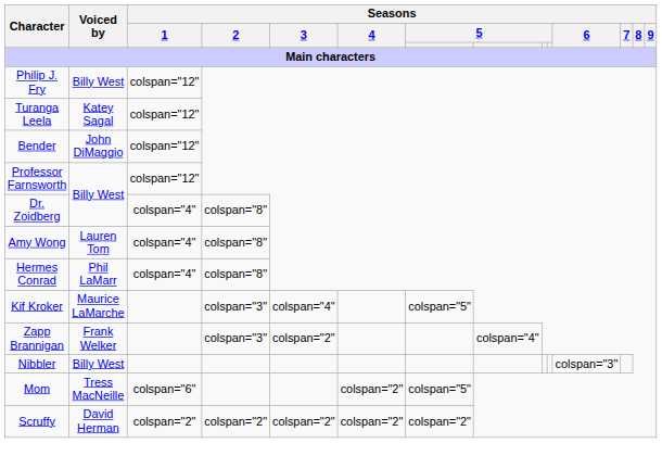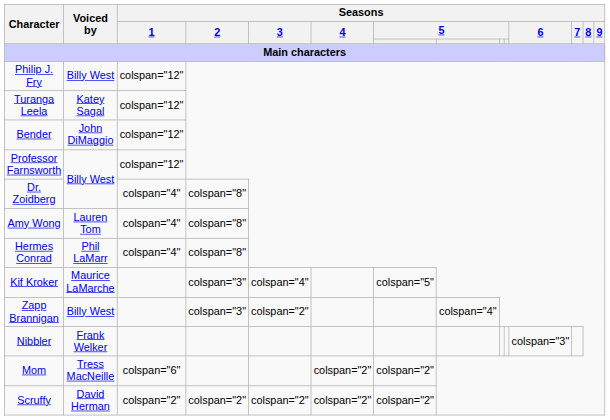 <table class="wikitable plainrowheaders" style="text-align:center; width:99%">
 <tr>
 <th scope="col" rowspan="3" style="width:17%">Character</th>
 <th scope="col" rowspan="3" style="width:17%">Voiced by</th>
 <th scope="col" colspan="12">Seasons</th>
 </tr>
 <tr>
 <th rowspan="2" style="width:6%"><a href='#'>1</a></th>
 <th rowspan="2" style="width:6%"><a href='#'>2</a></th>
 <th rowspan="2" style="width:6%"><a href='#'>3</a></th>
 <th rowspan="2" style="width:6%"><a href='#'>4</a></th>
 <th colspan="4"><a href='#'>5</a></th>
 <th rowspan="2" style="width:6%"><a href='#'>6</a></th>
 <th rowspan="2" style="width:6%"><a href='#'>7</a></th>
 <th rowspan="2" style="width:6%"><a href='#'>8</a></th>
 <th rowspan="2" style="width:6%"><a href='#'>9</a></th>
 </tr>
 <tr>
 <th style="width:6%"><a href='#'><em></em></a></th>
 <th style="width:6%"><a href='#'><em></em></a></th>
 <th style="width:6%"><a href='#'><em></em></a></th>
 <th style="width:6%"><a href='#'><em></em></a></th>
 </tr>
 <tr>
 <th colspan="14" style="background:#ccf;">Main characters</th>
 </tr>
 <tr>
 <td scope="row"><a href='#'>Philip J. Fry</a></td>
 <td><a href='#'>Billy West</a></td>
 <td>colspan="12" </td>
 </tr>
 <tr>
 <td scope="row"><a href='#'>Turanga Leela</a></td>
 <td><a href='#'>Katey Sagal</a></td>
 <td>colspan="12" </td>
 </tr>
 <tr>
 <td scope="row"><a href='#'>Bender</a></td>
 <td><a href='#'>John DiMaggio</a></td>
 <td>colspan="12" </td>
 </tr>
 <tr>
 <td scope="row"><a href='#'>Professor Farnsworth</a></td>
 <td rowspan="2"><a href='#'>Billy West</a></td>
 <td>colspan="12" </td>
 </tr>
 <tr>
 <td scope="row"><a href='#'>Dr. Zoidberg</a></td>
 <td>colspan="4" </td>
 <td>colspan="8" </td>
 </tr>
 <tr>
 <td scope="row"><a href='#'>Amy Wong</a></td>
 <td><a href='#'>Lauren Tom</a></td>
 <td>colspan="4" </td>
 <td>colspan="8" </td>
 </tr>
 <tr>
 <td scope="row"><a href='#'>Hermes Conrad</a></td>
 <td><a href='#'>Phil LaMarr</a></td>
 <td>colspan="4" </td>
 <td>colspan="8" </td>
 </tr>
 <tr>
 <td scope="row"><a href='#'>Kif Kroker</a></td>
 <td><a href='#'>Maurice LaMarche</a></td>
 <td></td>
 <td>colspan="3" </td>
 <td>colspan="4" </td>
 <td></td>
 <td>colspan="5" </td>
 </tr>
 <tr>
 <td scope="row"><a href='#'>Zapp Brannigan</a></td>
-<td><a href='#'>Frank Welker</a></td>
+<td><a href='#'>Billy West</a></td>
 <td></td>
 <td>colspan="3" </td>
 <td>colspan="2" </td>
 <td></td>
 <td></td>
 <td>colspan="4" </td>
 </tr>
 <tr>
 <td scope="row"><a href='#'>Nibbler</a></td>
-<td><a href='#'>Billy West</a></td>
+<td><a href='#'>Frank Welker</a></td>
 <td></td>
 <td></td>
 <td></td>
 <td></td>
 <td></td>
 <td></td>
 <td></td>
 <td></td>
 <td>colspan="3" </td>
 <td></td>
 </tr>
 <tr>
 <td scope="row"><a href='#'>Mom</a></td>
 <td><a href='#'>Tress MacNeille</a></td>
 <td>colspan="6" </td>
 <td></td>
 <td></td>
 <td>colspan="2" </td>
-<td>colspan="5" </td>
+<td>colspan="2" </td>
 </tr>
 <tr>
 <td scope="row"><a href='#'>Scruffy</a></td>
 <td><a href='#'>David Herman</a></td>
 <td>colspan="2" </td>
 <td>colspan="2" </td>
 <td>colspan="2" </td>
 <td>colspan="2" </td>
 <td>colspan="2" </td>
 </tr>
 </table>
